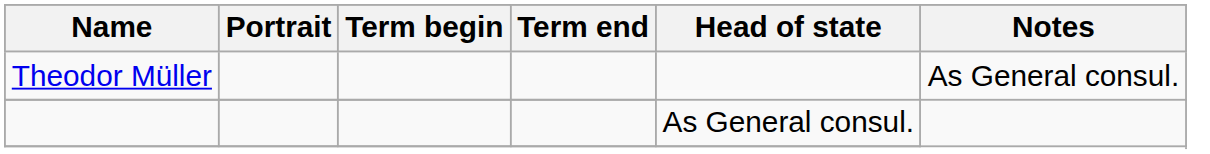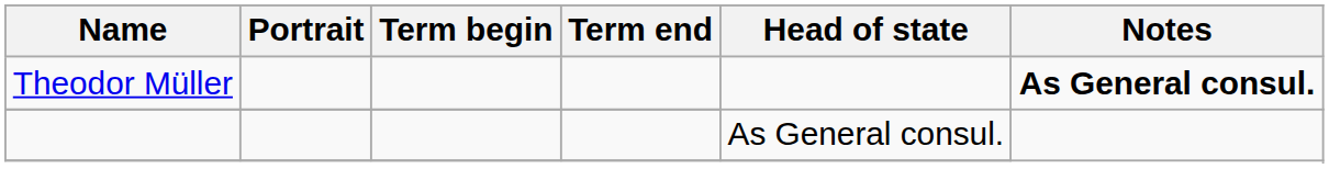 <table class="wikitable sortable"  text-align:center;">
 <tr>
 <th>Name</th>
 <th class="unsortable">Portrait</th>
 <th>Term begin</th>
 <th>Term end</th>
 <th>Head of state</th>
 <th class="unsortable">Notes</th>
 </tr>
 <tr>
 <td ill><a href='#'>Theodor Müller</a></td>
 <td></td>
 <td></td>
 <td></td>
 <td rowspan=2></td>
-<td>As General consul.</td>
+<td><strong>As General consul.</strong></td>
 </tr>
 <tr>
 </tr>
 <tr>
 <td></td>
 <td></td>
 <td></td>
 <td></td>
 <td>As General consul.</td>
 </tr>
 <tr>
 </tr>
 </table>
